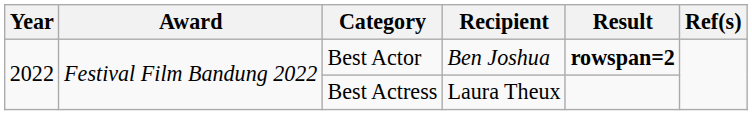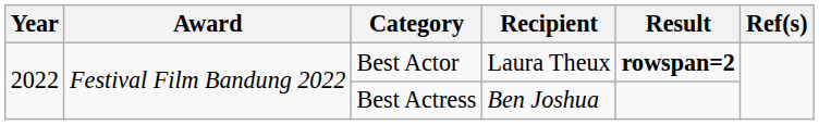 <table class="wikitable">
 <tr>
 <th>Year</th>
 <th>Award</th>
 <th>Category</th>
 <th>Recipient</th>
 <th>Result</th>
 <th>Ref(s)</th>
 </tr>
 <tr>
 <td rowspan="2">2022</td>
 <td rowspan="2"><em>Festival Film Bandung 2022</em></td>
 <td>Best Actor</td>
-<td><em>Ben Joshua</em></td>
+<td>Laura Theux</td>
 <td><strong>rowspan=2 </strong></td>
 <td rowspan="2"></td>
 </tr>
 <tr>
 <td>Best Actress</td>
-<td>Laura Theux</td>
+<td><em>Ben Joshua</em></td>
 </tr>
 </table>
